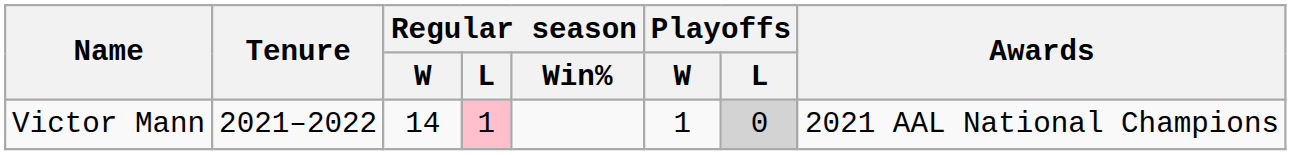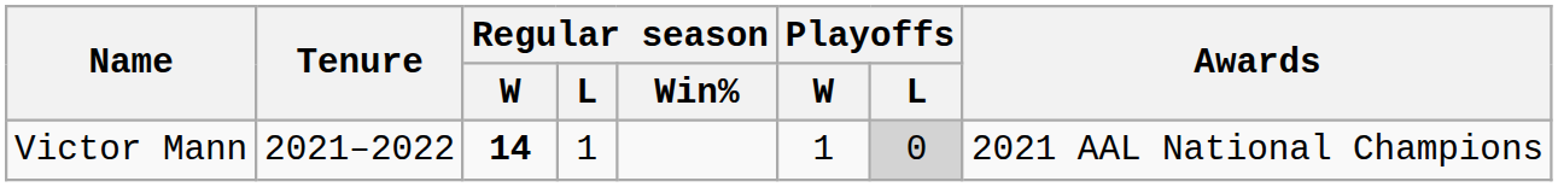 <table class="wikitable">
 <tr>
 <th rowspan="2">Name</th>
 <th rowspan="2">Tenure</th>
 <th colspan="3">Regular season</th>
 <th colspan="2">Playoffs</th>
 <th rowspan="2">Awards</th>
 </tr>
 <tr>
 <th rowspan="1">W</th>
 <th rowspan="1">L</th>
 <th rowspan="1">Win%</th>
 <th rowspan="1">W</th>
 <th rowspan="1">L</th>
 </tr>
 <tr>
 <td>Victor Mann</td>
 <td style="text-align:center;">2021–2022</td>
-<td style="text-align:center;">14</td>
-<td style="background: pink; text-align:center;">1</td>
+<td style="text-align:center;"><strong>14</strong></td>
+<td style="text-align:center;">1</td>
 <td style="text-align:center;"></td>
 <td style="text-align:center;">1</td>
 <td style="background: lightgrey; text-align:center;">0</td>
 <td>2021 AAL National Champions</td>
 </tr>
 </table>
